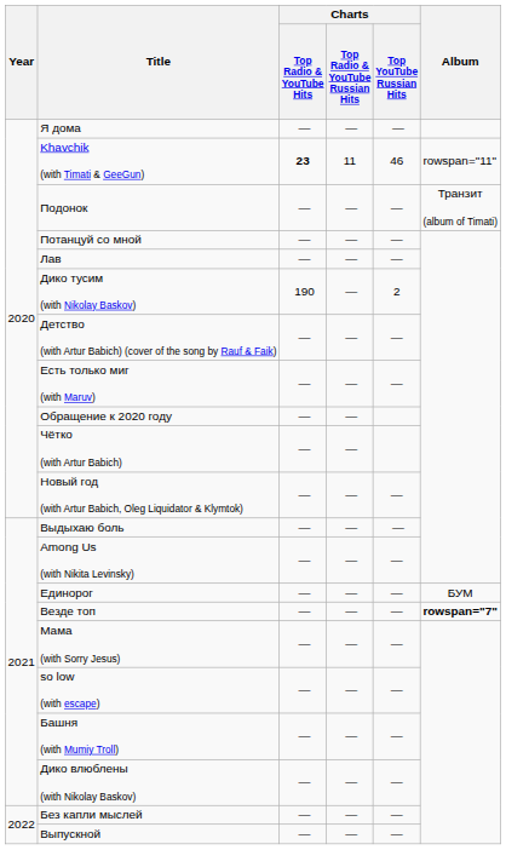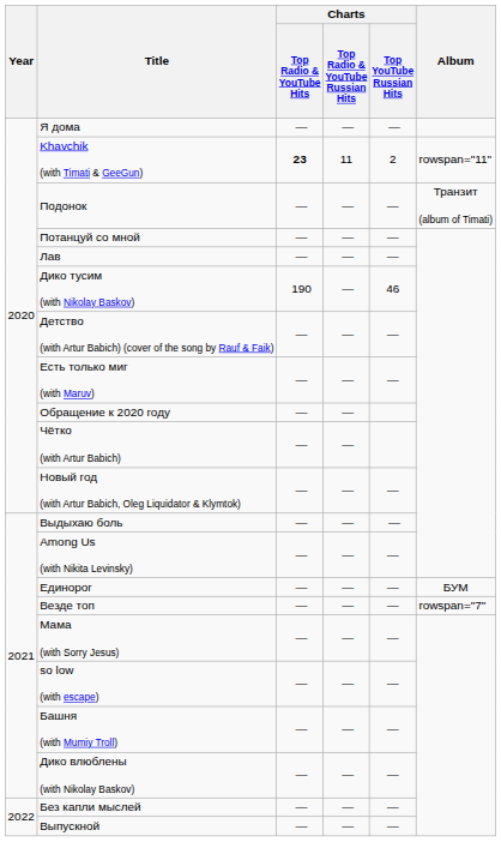 <table class="wikitable">
 <tr>
 <th rowspan="2">Year</th>
 <th rowspan="2">Title</th>
 <th colspan="3">Charts</th>
 <th rowspan="2">Album</th>
 </tr>
 <tr>
 <th scope="col" style="width:3em;font-size:85%;"><br><br><a href='#'>Top Radio & YouTube Hits</a><br><br></th>
 <th scope="col" style="width:3em;font-size:85%;"><br><br><a href='#'>Top Radio & YouTube Russian Hits</a><br><br></th>
 <th scope="col" style="width:3em;font-size:85%;"><br><br><a href='#'>Top YouTube Russian Hits</a><br><br></th>
 </tr>
 <tr>
 <td rowspan="11">2020</td>
 <td>Я дома</td>
 <td align="center"> —</td>
 <td align="center"> —</td>
 <td align="center"> —</td>
 <td></td>
 </tr>
 <tr>
 <td><a href='#'>Khavchik</a><br><br><small>(with <a href='#'>Timati</a> & <a href='#'>GeeGun</a>)</small></td>
 <td align="center"><strong>23</strong></td>
 <td align="center">11</td>
-<td align="center">46</td>
+<td align="center">2</td>
 <td>rowspan="11" </td>
 </tr>
 <tr>
 <td>Подонок</td>
 <td align="center"> —</td>
 <td align="center"> —</td>
 <td align="center">—</td>
 <td align="center">Транзит<br><br><small>(album of Timati)</small></td>
 </tr>
 <tr>
 <td>Потанцуй со мной</td>
 <td align="center"> —</td>
 <td align="center"> —</td>
 <td align="center">—</td>
 </tr>
 <tr>
 <td>Лав</td>
 <td align="center"> —</td>
 <td align="center"> —</td>
 <td align="center">—</td>
 </tr>
 <tr>
 <td>Дико тусим<br><br><small>(with <a href='#'>Nikolay Baskov</a>)</small></td>
 <td align="center"> 190</td>
 <td align="center"> —</td>
-<td align="center">2</td>
+<td align="center">46</td>
 </tr>
 <tr>
 <td>Детство<br><br><small>(with Artur Babich) (cover of the song by <a href='#'>Rauf & Faik</a>)</small></td>
 <td align="center"> —</td>
 <td align="center"> —</td>
 <td align="center">—</td>
 </tr>
 <tr>
 <td>Есть только миг<br><br><small>(with <a href='#'>Maruv</a>)</small></td>
 <td align="center"> —</td>
 <td align="center"> —</td>
 <td align="center">—</td>
 </tr>
 <tr>
 <td>Обращение к 2020 году</td>
 <td align="center"> —</td>
 <td align="center"> —</td>
 <td align="center"></td>
 </tr>
 <tr>
 <td>Чётко<br><br><small>(with Artur Babich)</small></td>
 <td align="center"> —</td>
 <td align="center"> —</td>
 <td align="center"></td>
 </tr>
 <tr>
 <td>Новый год<br><br><small>(with Artur Babich, Oleg Liquidator & Klymtok)</small></td>
 <td align="center"> —</td>
 <td align="center"> —</td>
 <td align="center">—</td>
 </tr>
 <tr>
 <td rowspan="8">2021</td>
 <td>Выдыхаю боль</td>
 <td align="center"> —</td>
 <td align="center"> —</td>
 <td align="center"> —</td>
 </tr>
 <tr>
 <td>Among Us<br><br><small>(with Nikita Levinsky)</small></td>
 <td align="center"> —</td>
 <td align="center"> —</td>
 <td align="center">—</td>
 </tr>
 <tr>
 <td>Единорог</td>
 <td align="center"> —</td>
 <td align="center"> —</td>
 <td align="center">—</td>
 <td align="center">БУМ</td>
 </tr>
 <tr>
 <td>Везде топ</td>
 <td align="center"> —</td>
 <td align="center"> —</td>
 <td align="center">—</td>
-<td><strong>rowspan="7" </strong></td>
+<td>rowspan="7" </td>
 </tr>
 <tr>
 <td>Мама<br><br><small>(with Sorry Jesus)</small></td>
 <td align="center"> —</td>
 <td align="center"> —</td>
 <td align="center">—</td>
 </tr>
 <tr>
 <td>so low<br><br><small>(with <a href='#'>escape</a>)</small></td>
 <td align="center"> —</td>
 <td align="center"> —</td>
 <td align="center">—</td>
 </tr>
 <tr>
 <td>Башня<br><br><small>(with <a href='#'>Mumiy Troll</a>)</small></td>
 <td align="center"> —</td>
 <td align="center"> —</td>
 <td align="center">—</td>
 </tr>
 <tr>
 <td>Дико влюблены<br><br><small>(with Nikolay Baskov)</small></td>
 <td align="center"> —</td>
 <td align="center"> —</td>
 <td align="center">—</td>
 </tr>
 <tr>
 <td rowspan="2">2022</td>
 <td>Без капли мыслей</td>
 <td align="center"> —</td>
 <td align="center"> —</td>
 <td align="center">—</td>
 </tr>
 <tr>
 <td>Выпускной</td>
 <td align="center"> —</td>
 <td align="center"> —</td>
 <td align="center">—</td>
 </tr>
 </table>
